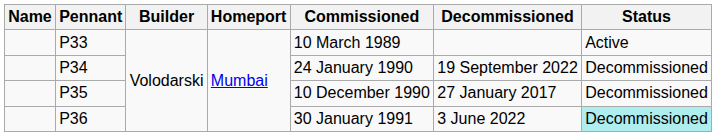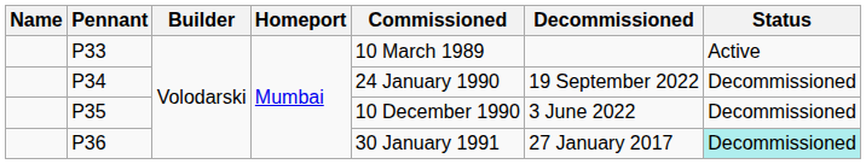 <table class="wikitable">
 <tr>
 <th>Name</th>
 <th>Pennant</th>
 <th>Builder</th>
 <th>Homeport</th>
 <th>Commissioned</th>
 <th>Decommissioned</th>
 <th>Status</th>
 </tr>
 <tr>
 <td></td>
 <td>P33</td>
 <td rowspan='4'>Volodarski</td>
 <td rowspan='4'><a href='#'>Mumbai</a></td>
 <td>10 March 1989</td>
 <td></td>
 <td>Active</td>
 </tr>
 <tr>
 <td></td>
 <td>P34</td>
 <td>24 January 1990</td>
 <td>19 September 2022</td>
 <td>Decommissioned</td>
 </tr>
 <tr>
 <td></td>
 <td>P35</td>
 <td>10 December 1990</td>
-<td>27 January 2017</td>
+<td>3 June 2022</td>
 <td>Decommissioned</td>
 </tr>
 <tr>
 <td></td>
 <td>P36</td>
 <td>30 January 1991</td>
-<td>3 June 2022</td>
+<td>27 January 2017</td>
 <td style="background: paleturquoise;">Decommissioned</td>
 </tr>
 </table>
